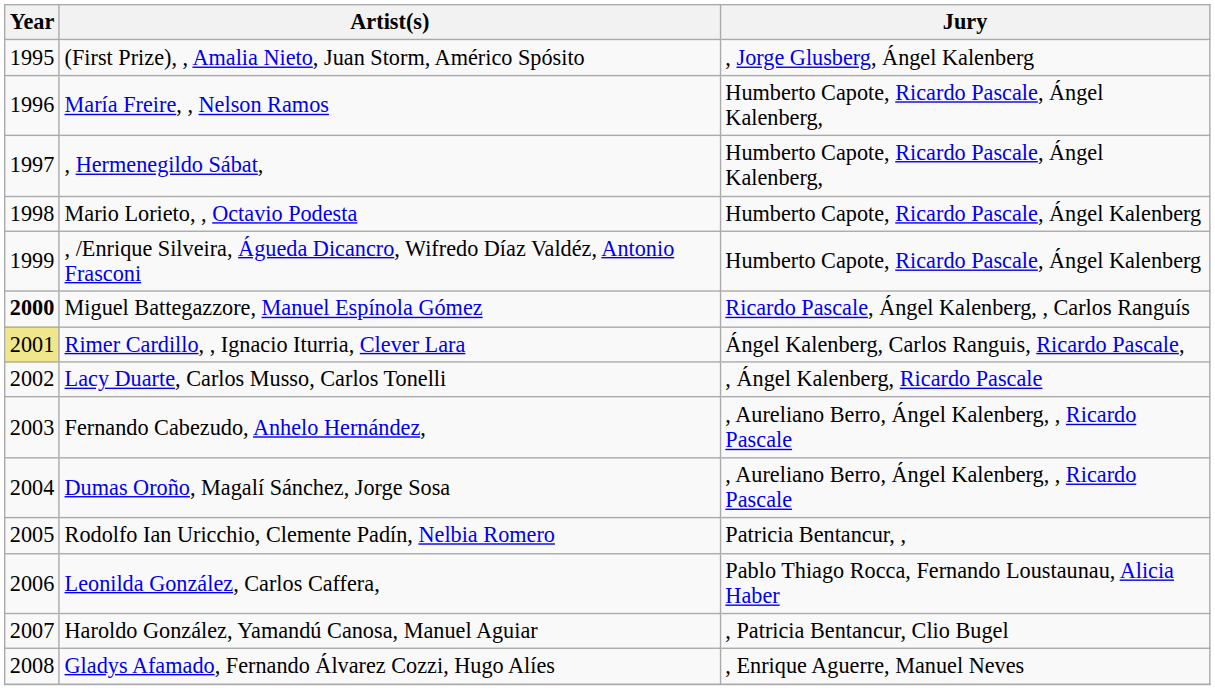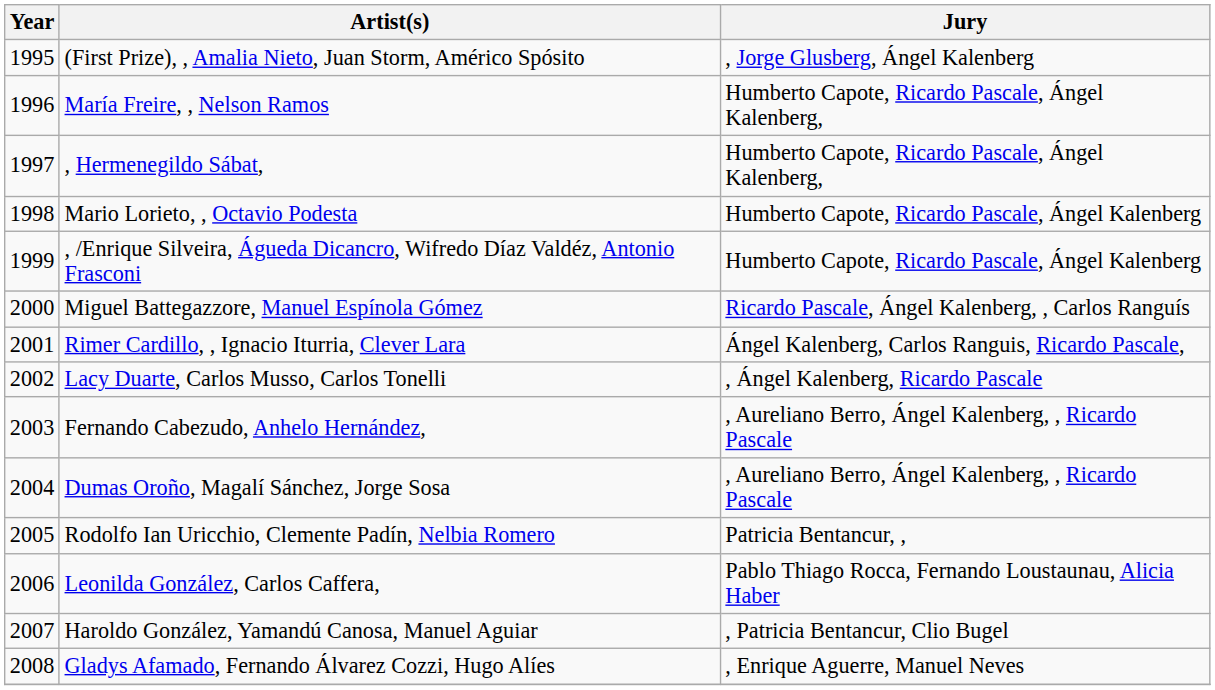 <table class="wikitable">
 <tr>
 <th>Year</th>
 <th>Artist(s)</th>
 <th>Jury</th>
 </tr>
 <tr>
 <td>1995</td>
 <td> (First Prize), , <a href='#'>Amalia Nieto</a>, Juan Storm, Américo Spósito</td>
 <td>, <a href='#'>Jorge Glusberg</a>, Ángel Kalenberg</td>
 </tr>
 <tr>
 <td>1996</td>
 <td><a href='#'>María Freire</a>, , <a href='#'>Nelson Ramos</a></td>
 <td>Humberto Capote, <a href='#'>Ricardo Pascale</a>, Ángel Kalenberg, </td>
 </tr>
 <tr>
 <td>1997</td>
 <td>, <a href='#'>Hermenegildo Sábat</a>, </td>
 <td>Humberto Capote, <a href='#'>Ricardo Pascale</a>, Ángel Kalenberg, </td>
 </tr>
 <tr>
 <td>1998</td>
 <td>Mario Lorieto, , <a href='#'>Octavio Podesta</a></td>
 <td>Humberto Capote, <a href='#'>Ricardo Pascale</a>, Ángel Kalenberg</td>
 </tr>
 <tr>
 <td>1999</td>
 <td>, /Enrique Silveira, <a href='#'>Águeda Dicancro</a>, Wifredo Díaz Valdéz, <a href='#'>Antonio Frasconi</a></td>
 <td>Humberto Capote, <a href='#'>Ricardo Pascale</a>, Ángel Kalenberg</td>
 </tr>
 <tr>
-<td><strong>2000</strong></td>
+<td>2000</td>
 <td>Miguel Battegazzore, <a href='#'>Manuel Espínola Gómez</a></td>
 <td><a href='#'>Ricardo Pascale</a>, Ángel Kalenberg, , Carlos Ranguís</td>
 </tr>
 <tr>
-<td style="background: khaki;">2001</td>
+<td>2001</td>
 <td><a href='#'>Rimer Cardillo</a>, , Ignacio Iturria, <a href='#'>Clever Lara</a></td>
 <td>Ángel Kalenberg, Carlos Ranguis, <a href='#'>Ricardo Pascale</a>, </td>
 </tr>
 <tr>
 <td>2002</td>
 <td><a href='#'>Lacy Duarte</a>, Carlos Musso, Carlos Tonelli</td>
 <td>, Ángel Kalenberg, <a href='#'>Ricardo Pascale</a></td>
 </tr>
 <tr>
 <td>2003</td>
 <td>Fernando Cabezudo, <a href='#'>Anhelo Hernández</a>, </td>
 <td>, Aureliano Berro, Ángel Kalenberg, , <a href='#'>Ricardo Pascale</a></td>
 </tr>
 <tr>
 <td>2004</td>
 <td><a href='#'>Dumas Oroño</a>, Magalí Sánchez, Jorge Sosa</td>
 <td>, Aureliano Berro, Ángel Kalenberg, , <a href='#'>Ricardo Pascale</a></td>
 </tr>
 <tr>
 <td>2005</td>
 <td>Rodolfo Ian Uricchio, Clemente Padín, <a href='#'>Nelbia Romero</a></td>
 <td>Patricia Bentancur, , </td>
 </tr>
 <tr>
 <td>2006</td>
 <td><a href='#'>Leonilda González</a>, Carlos Caffera, </td>
 <td>Pablo Thiago Rocca, Fernando Loustaunau, <a href='#'>Alicia Haber</a></td>
 </tr>
 <tr>
 <td>2007</td>
 <td>Haroldo González, Yamandú Canosa, Manuel Aguiar</td>
 <td>, Patricia Bentancur, Clio Bugel</td>
 </tr>
 <tr>
 <td>2008</td>
 <td><a href='#'>Gladys Afamado</a>, Fernando Álvarez Cozzi, Hugo Alíes</td>
 <td>, Enrique Aguerre, Manuel Neves</td>
 </tr>
 <tr>
 </tr>
 </table>
